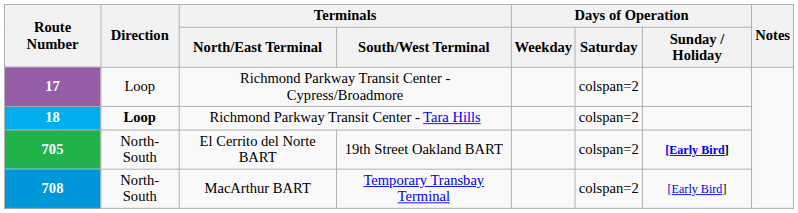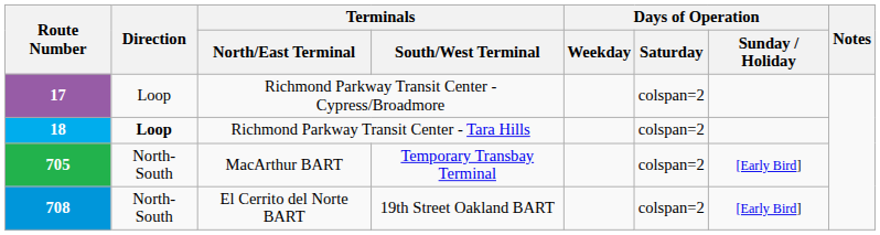 <table class="wikitable" style="text-align:center">
 <tr>
 <th rowspan="2">Route Number</th>
 <th rowspan="2">Direction</th>
 <th colspan="2">Terminals</th>
 <th colspan="3">Days of Operation</th>
 <th rowspan="2">Notes</th>
 </tr>
 <tr>
 <th>North/East Terminal</th>
 <th>South/West Terminal</th>
 <th>Weekday</th>
 <th>Saturday</th>
 <th>Sunday / Holiday</th>
 </tr>
 <tr>
 <th style="background:#975ca6;color:#fff;">17</th>
 <td>Loop</td>
 <td colspan="2">Richmond Parkway Transit Center - Cypress/Broadmore</td>
 <td></td>
 <td>colspan=2 </td>
 <td></td>
 </tr>
 <tr>
 <th style="background:#00aded;color:#fff;">18</th>
 <td><strong>Loop</strong></td>
 <td colspan="2">Richmond Parkway Transit Center - <a href='#'>Tara Hills</a></td>
 <td></td>
 <td>colspan=2 </td>
 <td></td>
 </tr>
 <tr>
 <th style="background:#22b24c;color:#fff;">705</th>
 <td>North-South</td>
-<td>El Cerrito del Norte BART</td>
-<td>19th Street Oakland BART</td>
-<td></td>
-<td>colspan=2 </td>
-<td><strong><small><a href='#'>[Early Bird</a>]</small></strong></td>
-</tr>
-<tr>
-<th style="background:#0096da;color:#fff;">708</th>
-<td>North-South</td>
 <td>MacArthur BART</td>
 <td><a href='#'>Temporary Transbay Terminal</a></td>
 <td></td>
 <td>colspan=2 </td>
 <td><small><a href='#'>[Early Bird</a>]</small></td>
 </tr>
+<tr>
+<th style="background:#0096da;color:#fff;">708</th>
+<td>North-South</td>
+<td>El Cerrito del Norte BART</td>
+<td>19th Street Oakland BART</td>
+<td></td>
+<td>colspan=2 </td>
+<td><small><a href='#'>[Early Bird</a>]</small></td>
+</tr>
 </table>
